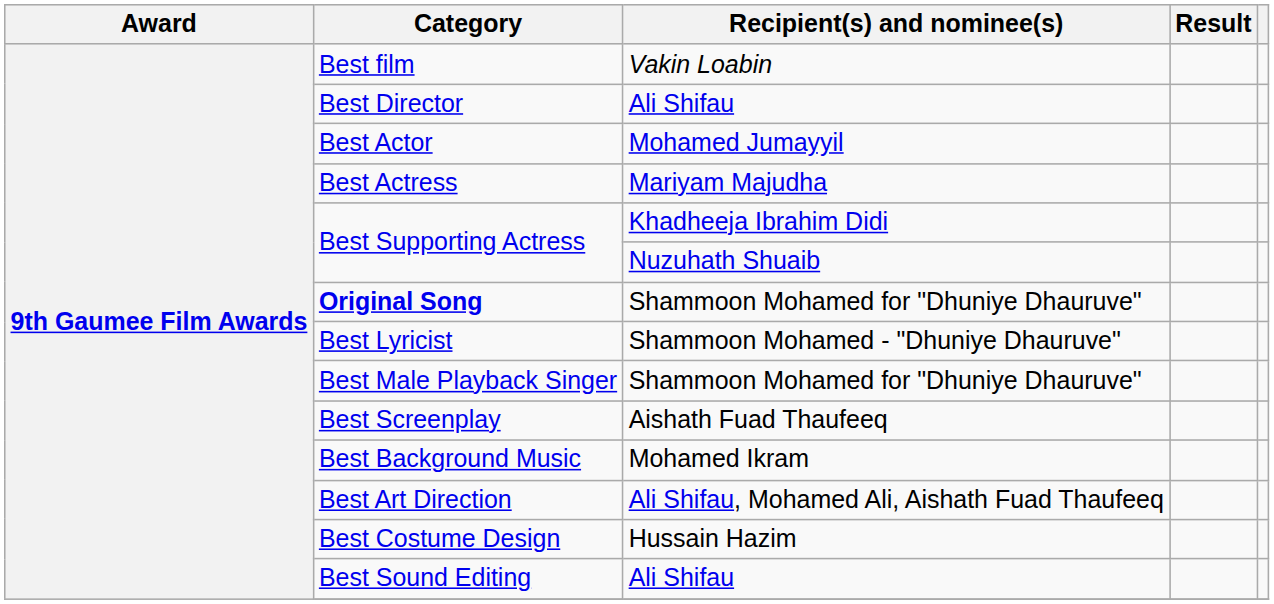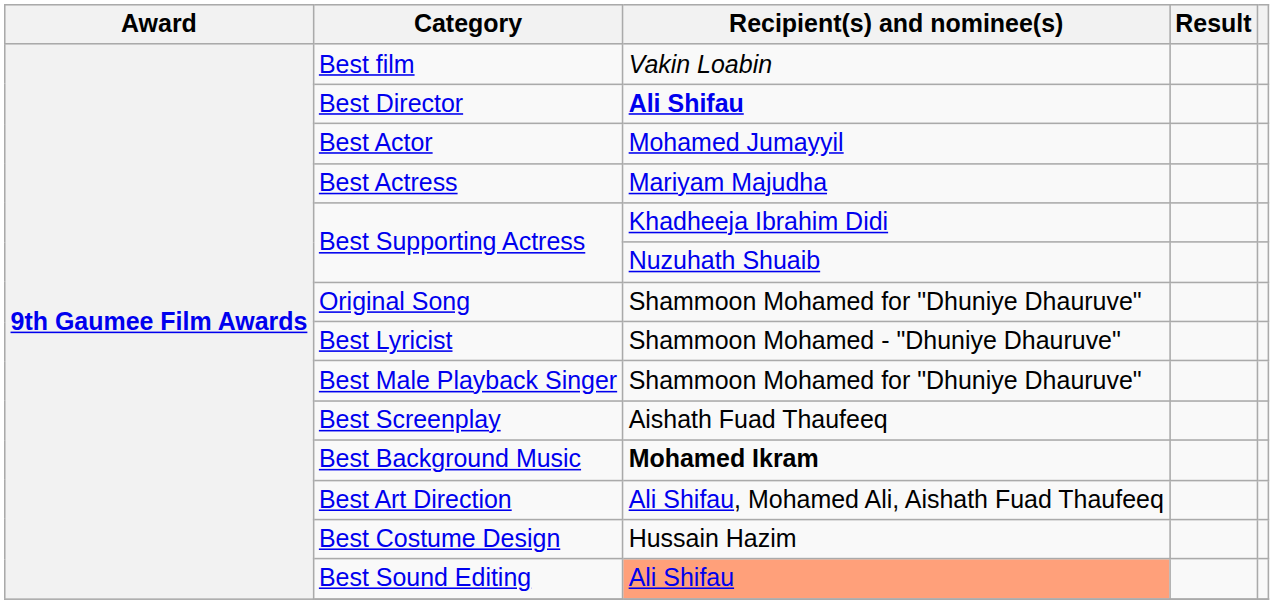 <table class="wikitable plainrowheaders sortable">
 <tr>
 <th scope="col">Award</th>
 <th scope="col">Category</th>
 <th scope="col">Recipient(s) and nominee(s)</th>
 <th scope="col">Result</th>
 <th scope="col" class="unsortable"></th>
 </tr>
 <tr>
 <th scope="row" rowspan="17"><a href='#'>9th Gaumee Film Awards</a></th>
 <td><a href='#'>Best film</a></td>
 <td><em>Vakin Loabin</em></td>
 <td></td>
 <td style="text-align:center;"></td>
 </tr>
 <tr>
 <td><a href='#'>Best Director</a></td>
-<td><a href='#'>Ali Shifau</a></td>
+<td><strong><a href='#'>Ali Shifau</a></strong></td>
 <td></td>
 <td style="text-align:center;"></td>
 </tr>
 <tr>
 <td><a href='#'>Best Actor</a></td>
 <td><a href='#'>Mohamed Jumayyil</a></td>
 <td></td>
 <td style="text-align:center;"></td>
 </tr>
 <tr>
 <td><a href='#'>Best Actress</a></td>
 <td><a href='#'>Mariyam Majudha</a></td>
 <td></td>
 <td style="text-align:center;"></td>
 </tr>
 <tr>
 <td rowspan="2"><a href='#'>Best Supporting Actress</a></td>
 <td><a href='#'>Khadheeja Ibrahim Didi</a></td>
 <td></td>
 <td style="text-align:center;"></td>
 </tr>
 <tr>
 <td><a href='#'>Nuzuhath Shuaib</a></td>
 <td></td>
 <td style="text-align:center;"></td>
 </tr>
 <tr>
-<td><strong><a href='#'>Original Song</a></strong></td>
+<td><a href='#'>Original Song</a></td>
 <td>Shammoon Mohamed for "Dhuniye Dhauruve"</td>
 <td></td>
 <td style="text-align:center;"></td>
 </tr>
 <tr>
 <td><a href='#'>Best Lyricist</a></td>
 <td>Shammoon Mohamed - "Dhuniye Dhauruve"</td>
 <td></td>
 <td style="text-align:center;"></td>
 </tr>
 <tr>
 <td><a href='#'>Best Male Playback Singer</a></td>
 <td>Shammoon Mohamed for "Dhuniye Dhauruve"</td>
 <td></td>
 <td style="text-align:center;"></td>
 </tr>
 <tr>
 <td><a href='#'>Best Screenplay</a></td>
 <td>Aishath Fuad Thaufeeq</td>
 <td></td>
 <td style="text-align:center;"></td>
 </tr>
 <tr>
 <td><a href='#'>Best Background Music</a></td>
-<td>Mohamed Ikram</td>
+<td><strong>Mohamed Ikram</strong></td>
 <td></td>
 <td style="text-align:center;"></td>
 </tr>
 <tr>
 <td><a href='#'>Best Art Direction</a></td>
 <td><a href='#'>Ali Shifau</a>, Mohamed Ali, Aishath Fuad Thaufeeq</td>
 <td></td>
 <td style="text-align:center;"></td>
 </tr>
 <tr>
 <td><a href='#'>Best Costume Design</a></td>
 <td>Hussain Hazim</td>
 <td></td>
 <td style="text-align:center;"></td>
 </tr>
 <tr>
 <td><a href='#'>Best Sound Editing</a></td>
-<td><a href='#'>Ali Shifau</a></td>
+<td style="background: lightsalmon;"><a href='#'>Ali Shifau</a></td>
 <td></td>
 <td style="text-align:center;"></td>
 </tr>
 <tr>
 </tr>
 </table>
